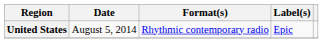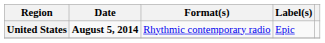 <table class="wikitable plainrowheaders">
 <tr>
 <th scope="col">Region</th>
 <th scope="col">Date</th>
 <th scope="col">Format(s)</th>
 <th scope="col">Label(s)</th>
 <th scope="col"></th>
 </tr>
 <tr>
 <th scope="row">United States</th>
-<td>August 5, 2014</td>
+<td><strong>August 5, 2014</strong></td>
 <td><a href='#'>Rhythmic contemporary radio</a></td>
 <td><a href='#'>Epic</a></td>
 <td align="center"></td>
 </tr>
 <tr>
 </tr>
 </table>
